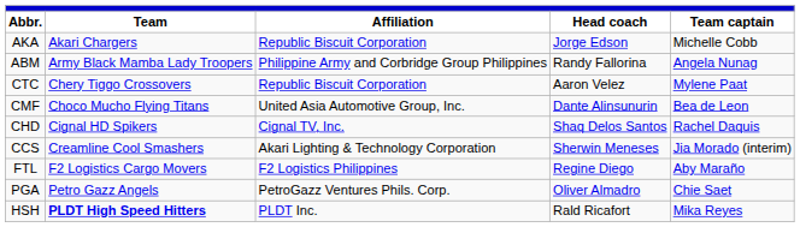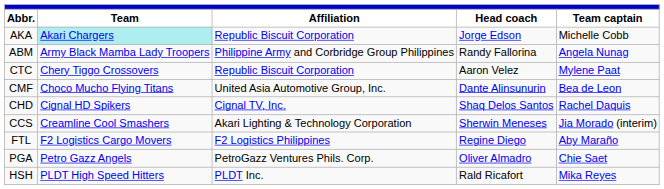 <table class="wikitable" font-size:90%; text-align:left">
 <tr>
 <th style=background:#0000CD colspan="6"><span></span></th>
 </tr>
 <tr>
 <th style="background:white">Abbr.</th>
 <th style="background:white">Team</th>
 <th style="background:white">Affiliation</th>
 <th style="background:white">Head coach</th>
 <th style="background:white">Team captain</th>
 </tr>
 <tr>
 <td style="text-align:center">AKA</td>
-<td><a href='#'>Akari Chargers</a></td>
+<td style="background: paleturquoise;"><a href='#'>Akari Chargers</a></td>
 <td><a href='#'>Republic Biscuit Corporation</a></td>
 <td> <a href='#'>Jorge Edson</a></td>
 <td>Michelle Cobb</td>
 </tr>
 <tr>
 <td style="text-align:center">ABM</td>
 <td><a href='#'>Army Black Mamba Lady Troopers</a></td>
 <td><a href='#'>Philippine Army</a> and Corbridge Group Philippines</td>
 <td> Randy Fallorina</td>
 <td><a href='#'>Angela Nunag</a></td>
 </tr>
 <tr>
 <td style="text-align:center">CTC</td>
 <td><a href='#'>Chery Tiggo Crossovers</a></td>
 <td><a href='#'>Republic Biscuit Corporation</a></td>
 <td> Aaron Velez</td>
 <td><a href='#'>Mylene Paat</a></td>
 </tr>
 <tr>
 <td style="text-align:center">CMF</td>
 <td><a href='#'>Choco Mucho Flying Titans</a></td>
 <td>United Asia Automotive Group, Inc.</td>
 <td> <a href='#'>Dante Alinsunurin</a></td>
 <td><a href='#'>Bea de Leon</a></td>
 </tr>
 <tr>
 <td style="text-align:center">CHD</td>
 <td><a href='#'>Cignal HD Spikers</a></td>
 <td><a href='#'>Cignal TV, Inc.</a></td>
 <td> <a href='#'>Shaq Delos Santos</a></td>
 <td><a href='#'>Rachel Daquis</a></td>
 </tr>
 <tr>
 <td style="text-align:center">CCS</td>
 <td><a href='#'>Creamline Cool Smashers</a></td>
 <td>Akari Lighting & Technology Corporation</td>
 <td> <a href='#'>Sherwin Meneses</a></td>
 <td><a href='#'>Jia Morado</a> (interim)</td>
 </tr>
 <tr>
 <td style="text-align:center">FTL</td>
 <td><a href='#'>F2 Logistics Cargo Movers</a></td>
 <td><a href='#'>F2 Logistics Philippines</a></td>
 <td> <a href='#'>Regine Diego</a></td>
 <td><a href='#'>Aby Maraño</a></td>
 </tr>
 <tr>
 <td style="text-align:center">PGA</td>
 <td><a href='#'>Petro Gazz Angels</a></td>
 <td>PetroGazz Ventures Phils. Corp.</td>
 <td> <a href='#'>Oliver Almadro</a></td>
 <td><a href='#'>Chie Saet</a></td>
 </tr>
 <tr>
 <td style="text-align:center">HSH</td>
-<td><strong><a href='#'>PLDT High Speed Hitters</a></strong></td>
+<td><a href='#'>PLDT High Speed Hitters</a></td>
 <td><a href='#'>PLDT</a> Inc.</td>
 <td> Rald Ricafort</td>
 <td><a href='#'>Mika Reyes</a></td>
 </tr>
 </table>
